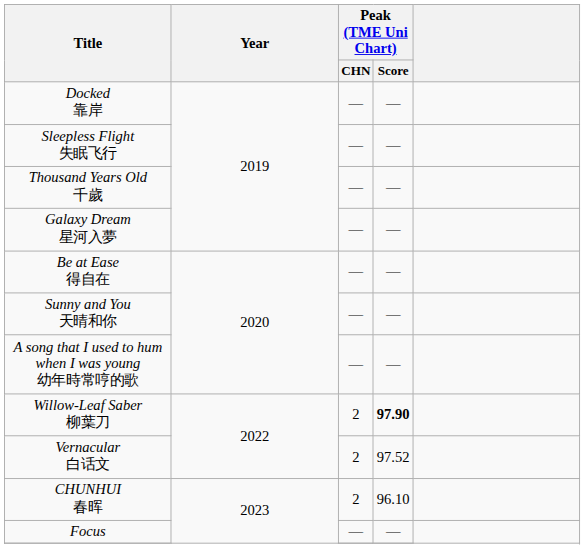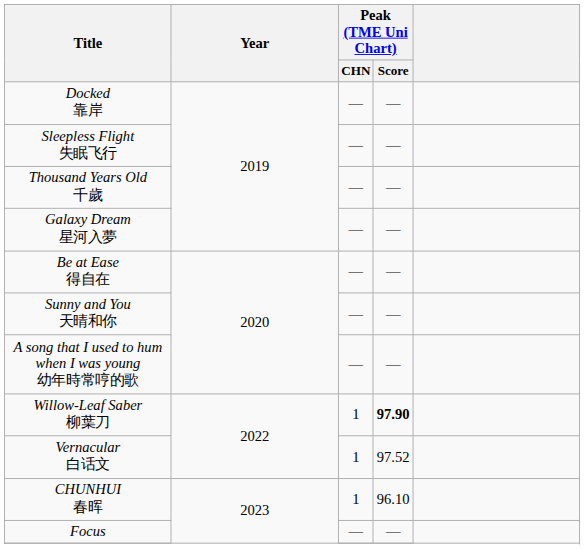 <table class="wikitable plainrowheaders" style="text-align:center;">
 <tr>
 <th scope="col" rowspan="2" style="width:11em;">Title</th>
 <th scope="col" rowspan="2" style="width:11em;">Year</th>
 <th scope="col" colspan="2">Peak <br><a href='#'>(TME Uni Chart)</a></th>
 <th scope="col" rowspan="2" style="width:11em;"></th>
 </tr>
 <tr>
 <th scope="col" style="width:2em;font-size:90%;">CHN</th>
 <th scope="col" style="width:2em;font-size:90%;">Score</th>
 </tr>
 <tr |->
 <td><em>Docked</em><br>靠岸</td>
 <td rowspan="4">2019</td>
 <td style="text-align:center">—</td>
 <td style="text-align:center">—</td>
 <td></td>
 </tr>
 <tr>
 <td><em>Sleepless Flight</em><br>失眠飞行</td>
 <td style="text-align:center">—</td>
 <td style="text-align:center">—</td>
 <td></td>
 </tr>
 <tr>
 <td><em>Thousand Years Old</em> <br>千歲</td>
 <td style="text-align:center">—</td>
 <td style="text-align:center">—</td>
 <td></td>
 </tr>
 <tr>
 <td><em>Galaxy Dream</em> <br>星河入夢</td>
 <td style="text-align:center">—</td>
 <td style="text-align:center">—</td>
 <td></td>
 </tr>
 <tr>
 <td><em>Be at Ease</em> <br>得自在</td>
 <td rowspan="3">2020</td>
 <td style="text-align:center">—</td>
 <td style="text-align:center">—</td>
 <td></td>
 </tr>
 <tr>
 <td><em>Sunny and You</em> <br> 天晴和你</td>
 <td style="text-align:center">—</td>
 <td style="text-align:center">—</td>
 <td></td>
 </tr>
 <tr>
 <td><em>A song that I used to hum when I was young</em> <br>幼年時常哼的歌</td>
 <td style="text-align:center">—</td>
 <td style="text-align:center">—</td>
 <td></td>
 </tr>
 <tr>
 <td><em>Willow-Leaf Saber</em><br>柳葉刀</td>
 <td rowspan="2“">2022</td>
-<td style="text-align:center">2</td>
+<td style="text-align:center">1</td>
 <td style="text-align:center"><strong>97.90</strong></td>
 <td></td>
 </tr>
 <tr>
 <td><em>Vernacular</em><br>白话文</td>
-<td style="text-align:center">2</td>
+<td style="text-align:center">1</td>
 <td>97.52</td>
 <td></td>
 </tr>
 <tr>
 <td><em>CHUNHUI</em><br>春晖</td>
 <td rowspan="3">2023</td>
-<td style="text-align:center">2</td>
+<td style="text-align:center">1</td>
 <td>96.10</td>
 <td></td>
 </tr>
 <tr>
 <td><em>Focus</em></td>
 <td style="text-align:center">—</td>
 <td style="text-align:center">—</td>
 </tr>
 <tr>
 </tr>
 </table>
